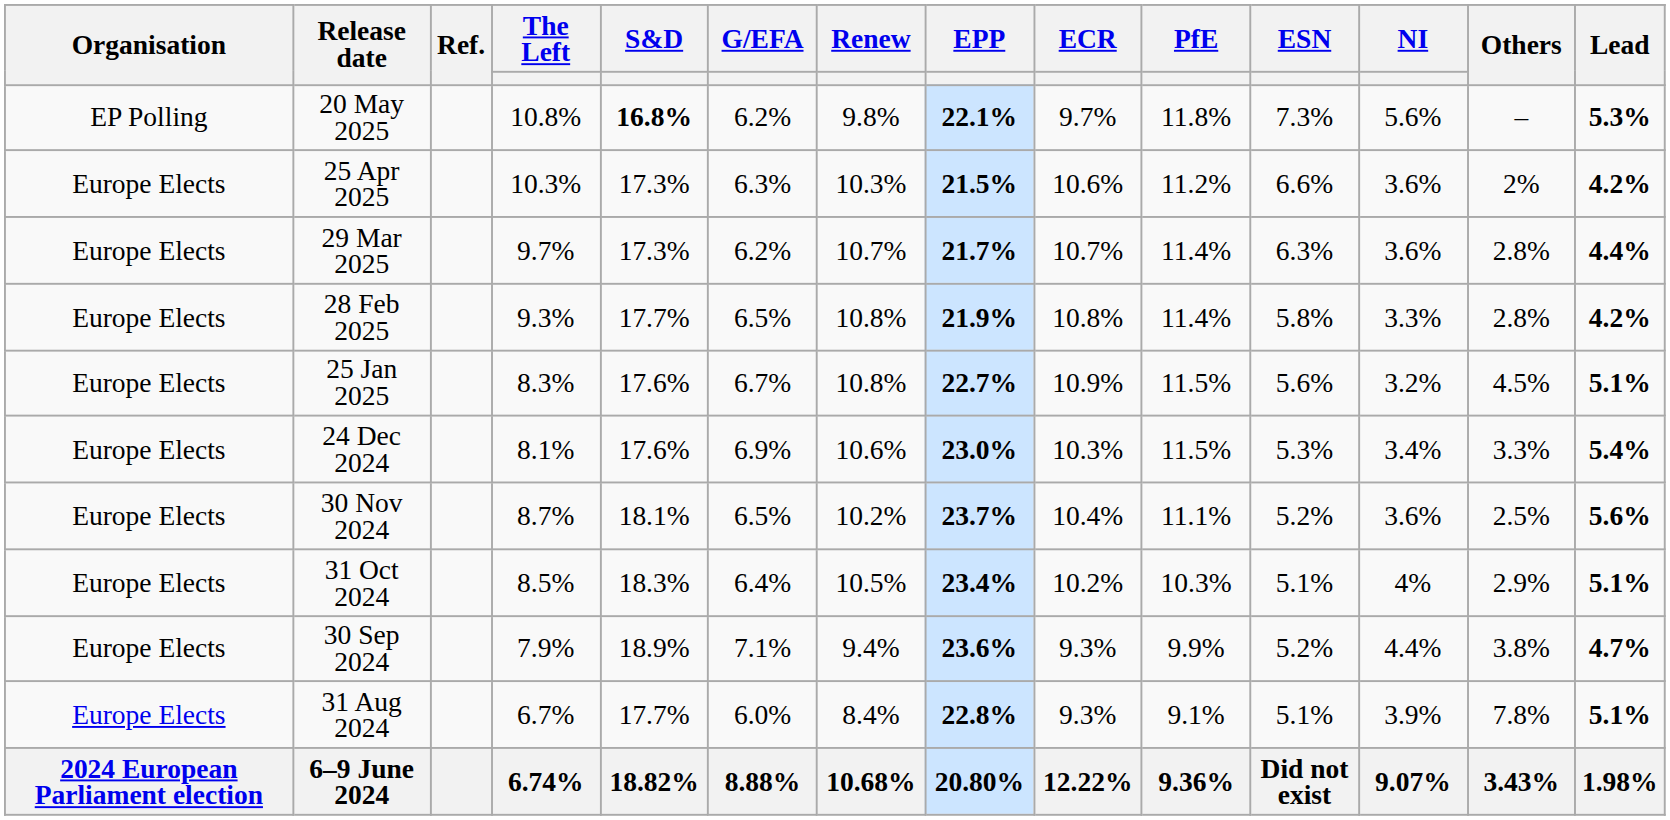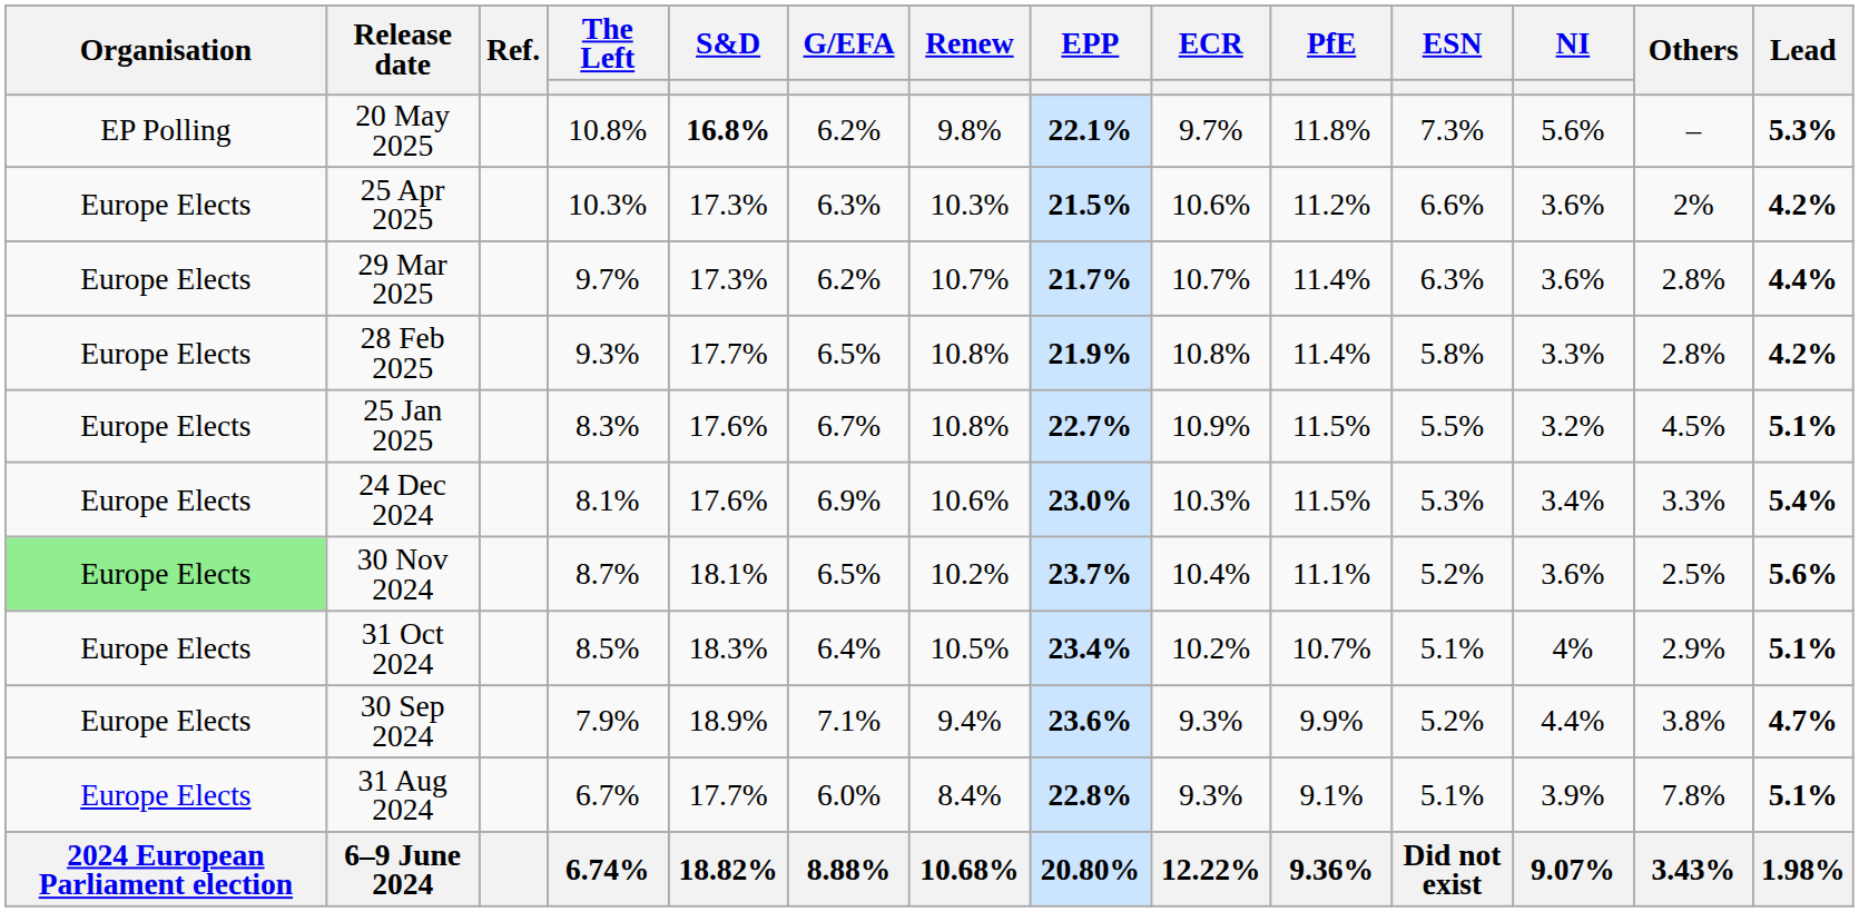 <table class="wikitable sortable mw-datatable" style="text-align:center;font-size:90%;line-height:14px;">
 <tr>
 <th rowspan="2">Organisation</th>
 <th rowspan="2">Release<br>date</th>
 <th rowspan="2">Ref.</th>
 <th class="unsortable" style="width:50px;"><a href='#'>The Left</a></th>
 <th class="unsortable" style="width:50px;"><a href='#'>S&D</a></th>
 <th class="unsortable" style="width:50px;"><a href='#'>G/EFA</a></th>
 <th class="unsortable" style="width:50px;"><a href='#'>Renew</a></th>
 <th class="unsortable" style="width:50px;"><a href='#'>EPP</a></th>
 <th class="unsortable" style="width:50px;"><a href='#'>ECR</a></th>
 <th class="unsortable" style="width:50px;"><a href='#'>PfE</a></th>
 <th class="unsortable" style="width:50px;"><a href='#'>ESN</a></th>
 <th class="unsortable" style="width:50px;"><a href='#'>NI</a></th>
 <th rowspan="2" class="unsortable" style="width:50px;">Others</th>
 <th rowspan="2">Lead</th>
 </tr>
 <tr>
 <th data-sort-type="number" style="background:"></th>
 <th data-sort-type="number" style="background:"></th>
 <th data-sort-type="number" style="background:"></th>
 <th data-sort-type="number" style="background:"></th>
 <th data-sort-type="number" style="background:"></th>
 <th data-sort-type="number" style="background:"></th>
 <th data-sort-type="number" style="background:"></th>
 <th data-sort-type="number" style="background:"></th>
 <th data-sort-type="number" style="background:"></th>
 </tr>
 <tr>
 <td>EP Polling</td>
 <td>20 May 2025</td>
 <td></td>
 <td>10.8%</td>
 <td><strong>16.8%</strong></td>
 <td>6.2%</td>
 <td>9.8%</td>
 <td style="background:#CCE5FF;"><strong>22.1%</strong></td>
 <td>9.7%</td>
 <td>11.8%</td>
 <td>7.3%</td>
 <td>5.6%</td>
 <td>–</td>
 <td style="background:"><strong>5.3%</strong></td>
 </tr>
 <tr>
 <td>Europe Elects</td>
 <td>25 Apr 2025</td>
 <td></td>
 <td>10.3%</td>
 <td>17.3%</td>
 <td>6.3%</td>
 <td>10.3%</td>
 <td style="background:#CCE5FF;"><strong>21.5%</strong></td>
 <td>10.6%</td>
 <td>11.2%</td>
 <td>6.6%</td>
 <td>3.6%</td>
 <td>2%</td>
 <td style="background:"><strong>4.2%</strong></td>
 </tr>
 <tr>
 <td>Europe Elects</td>
 <td>29 Mar 2025</td>
 <td></td>
 <td>9.7%</td>
 <td>17.3%</td>
 <td>6.2%</td>
 <td>10.7%</td>
 <td style="background:#CCE5FF;"><strong>21.7%</strong></td>
 <td>10.7%</td>
 <td>11.4%</td>
 <td>6.3%</td>
 <td>3.6%</td>
 <td>2.8%</td>
 <td style="background:"><strong>4.4%</strong></td>
 </tr>
 <tr>
 <td>Europe Elects</td>
 <td>28 Feb 2025</td>
 <td></td>
 <td>9.3%</td>
 <td>17.7%</td>
 <td>6.5%</td>
 <td>10.8%</td>
 <td style="background:#CCE5FF;"><strong>21.9%</strong></td>
 <td>10.8%</td>
 <td>11.4%</td>
 <td>5.8%</td>
 <td>3.3%</td>
 <td>2.8%</td>
 <td style="background:"><strong>4.2%</strong></td>
 </tr>
 <tr>
 <td>Europe Elects</td>
 <td>25 Jan 2025</td>
 <td></td>
 <td>8.3%</td>
 <td>17.6%</td>
 <td>6.7%</td>
 <td>10.8%</td>
 <td style="background:#CCE5FF;"><strong>22.7%</strong></td>
 <td>10.9%</td>
 <td>11.5%</td>
-<td>5.6%</td>
+<td>5.5%</td>
 <td>3.2%</td>
 <td>4.5%</td>
 <td style="background:"><strong>5.1%</strong></td>
 </tr>
 <tr>
 <td>Europe Elects</td>
 <td>24 Dec 2024</td>
 <td></td>
 <td>8.1%</td>
 <td>17.6%</td>
 <td>6.9%</td>
 <td>10.6%</td>
 <td style="background:#CCE5FF;"><strong>23.0%</strong></td>
 <td>10.3%</td>
 <td>11.5%</td>
 <td>5.3%</td>
 <td>3.4%</td>
 <td>3.3%</td>
 <td style="background:"><strong>5.4%</strong></td>
 </tr>
 <tr>
-<td>Europe Elects</td>
+<td style="background: lightgreen;">Europe Elects</td>
 <td>30 Nov 2024</td>
 <td></td>
 <td>8.7%</td>
 <td>18.1%</td>
 <td>6.5%</td>
 <td>10.2%</td>
 <td style="background:#CCE5FF;"><strong>23.7%</strong></td>
 <td>10.4%</td>
 <td>11.1%</td>
 <td>5.2%</td>
 <td>3.6%</td>
 <td>2.5%</td>
 <td style="background:"><strong>5.6%</strong></td>
 </tr>
 <tr>
 <td>Europe Elects</td>
 <td>31 Oct 2024</td>
 <td></td>
 <td>8.5%</td>
 <td>18.3%</td>
 <td>6.4%</td>
 <td>10.5%</td>
 <td style="background:#CCE5FF;"><strong>23.4%</strong></td>
 <td>10.2%</td>
-<td>10.3%</td>
+<td>10.7%</td>
 <td>5.1%</td>
 <td>4%</td>
 <td>2.9%</td>
 <td style="background:"><strong>5.1%</strong></td>
 </tr>
 <tr>
 <td>Europe Elects</td>
 <td>30 Sep 2024</td>
 <td></td>
 <td>7.9%</td>
 <td>18.9%</td>
 <td>7.1%</td>
 <td>9.4%</td>
 <td style="background:#CCE5FF;"><strong>23.6%</strong></td>
 <td>9.3%</td>
 <td>9.9%</td>
 <td>5.2%</td>
 <td>4.4%</td>
 <td>3.8%</td>
 <td style="background:"><strong>4.7%</strong></td>
 </tr>
 <tr>
 <td><a href='#'>Europe Elects</a></td>
 <td>31 Aug 2024</td>
 <td></td>
 <td>6.7%</td>
 <td>17.7%</td>
 <td>6.0%</td>
 <td>8.4%</td>
 <td style="background:#CCE5FF;"><strong>22.8%</strong></td>
 <td>9.3%</td>
 <td>9.1%</td>
 <td>5.1%</td>
 <td>3.9%</td>
 <td>7.8%</td>
 <td style="background:"><strong>5.1%</strong></td>
 </tr>
 <tr>
 <th><a href='#'>2024 European Parliament election</a></th>
 <th>6–9 June 2024</th>
 <th></th>
 <th>6.74%</th>
 <th>18.82%</th>
 <th>8.88%</th>
 <th>10.68%</th>
 <th style="background:#CCE5FF;">20.80%</th>
 <th>12.22%</th>
 <th>9.36%</th>
 <th>Did not exist</th>
 <th>9.07%</th>
 <th>3.43%</th>
 <th>1.98%</th>
 </tr>
 </table>
